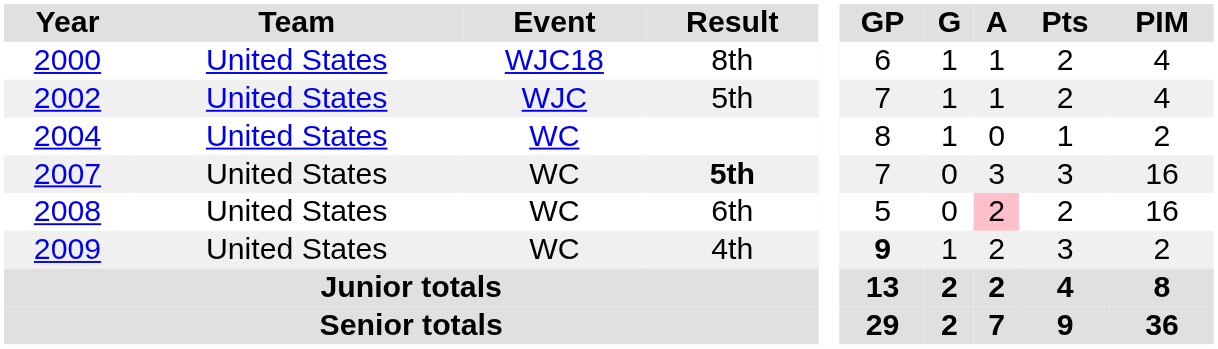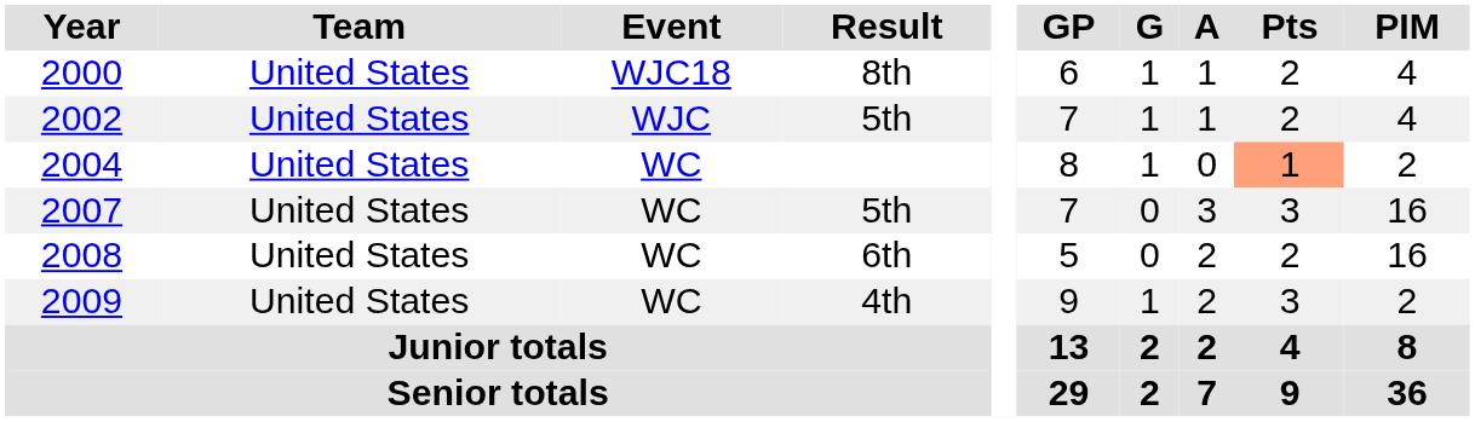 <table border="0" cellpadding="1" cellspacing="0" style="text-align:center; width:40em">
 <tr ALIGN="center" bgcolor="#e0e0e0">
 <th>Year</th>
 <th>Team</th>
 <th>Event</th>
 <th>Result</th>
 <th rowspan="99" bgcolor="#ffffff"> </th>
 <th>GP</th>
 <th>G</th>
 <th>A</th>
 <th>Pts</th>
 <th>PIM</th>
 </tr>
 <tr>
 <td><a href='#'>2000</a></td>
 <td><a href='#'>United States</a></td>
 <td><a href='#'>WJC18</a></td>
 <td>8th</td>
 <td>6</td>
 <td>1</td>
 <td>1</td>
 <td>2</td>
 <td>4</td>
 </tr>
 <tr bgcolor="#f0f0f0">
 <td><a href='#'>2002</a></td>
 <td><a href='#'>United States</a></td>
 <td><a href='#'>WJC</a></td>
 <td>5th</td>
 <td>7</td>
 <td>1</td>
 <td>1</td>
 <td>2</td>
 <td>4</td>
 </tr>
 <tr>
 <td><a href='#'>2004</a></td>
 <td><a href='#'>United States</a></td>
 <td><a href='#'>WC</a></td>
 <td></td>
 <td>8</td>
 <td>1</td>
 <td>0</td>
-<td>1</td>
+<td style="background: lightsalmon;">1</td>
 <td>2</td>
 </tr>
 <tr bgcolor="#f0f0f0">
 <td><a href='#'>2007</a></td>
 <td>United States</td>
 <td>WC</td>
-<td><strong>5th</strong></td>
+<td>5th</td>
 <td>7</td>
 <td>0</td>
 <td>3</td>
 <td>3</td>
 <td>16</td>
 </tr>
 <tr>
 <td><a href='#'>2008</a></td>
 <td>United States</td>
 <td>WC</td>
 <td>6th</td>
 <td>5</td>
 <td>0</td>
-<td style="background: pink;">2</td>
+<td>2</td>
 <td>2</td>
 <td>16</td>
 </tr>
 <tr bgcolor="#f0f0f0">
 <td><a href='#'>2009</a></td>
 <td>United States</td>
 <td>WC</td>
 <td>4th</td>
-<td><strong>9</strong></td>
+<td>9</td>
 <td>1</td>
 <td>2</td>
 <td>3</td>
 <td>2</td>
 </tr>
 <tr bgcolor="#e0e0e0">
 <th colspan=4>Junior totals</th>
 <th>13</th>
 <th>2</th>
 <th>2</th>
 <th>4</th>
 <th>8</th>
 </tr>
 <tr bgcolor="#e0e0e0">
 <th colspan=4>Senior totals</th>
 <th>29</th>
 <th>2</th>
 <th>7</th>
 <th>9</th>
 <th>36</th>
 </tr>
 </table>
